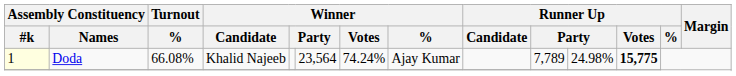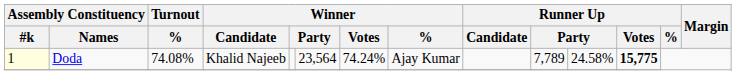 <table class="wikitable sortable">
 <tr>
 <th colspan="2">Assembly Constituency</th>
 <th>Turnout</th>
 <th colspan="5">Winner</th>
 <th colspan="5">Runner Up</th>
 <th rowspan="2" data-sort-type=number>Margin</th>
 </tr>
 <tr>
 <th>#k</th>
 <th>Names</th>
 <th>%</th>
 <th>Candidate</th>
 <th colspan="2">Party</th>
 <th data-sort-type=number>Votes</th>
 <th>%</th>
 <th>Candidate</th>
 <th colspan="2">Party</th>
 <th data-sort-type=number>Votes</th>
 <th>%</th>
 </tr>
 <tr>
 <td style="background: lightyellow;">1</td>
 <td><a href='#'>Doda</a></td>
-<td>66.08%</td>
+<td>74.08%</td>
 <td>Khalid Najeeb</td>
 <td></td>
 <td>23,564</td>
 <td>74.24%</td>
 <td>Ajay Kumar</td>
 <td></td>
 <td>7,789</td>
-<td>24.98%</td>
+<td>24.58%</td>
 <td style="background:"><span><strong>15,775</strong></span></td>
 </tr>
 <tr>
 </tr>
 </table>
